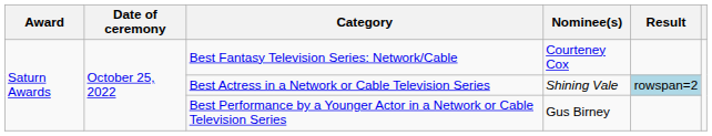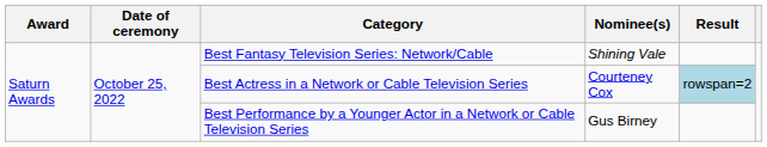 <table class="wikitable sortable">
 <tr>
 <th>Award</th>
 <th>Date of ceremony</th>
 <th>Category</th>
 <th>Nominee(s)</th>
 <th>Result</th>
 <th class="unsortable"></th>
 </tr>
 <tr>
 <td rowspan=3><a href='#'>Saturn Awards</a></td>
 <td rowspan=3><a href='#'>October 25, 2022</a></td>
 <td><a href='#'>Best Fantasy Television Series: Network/Cable</a></td>
-<td><a href='#'>Courteney Cox</a></td>
+<td><em>Shining Vale</em></td>
 <td></td>
 <td rowspan=3 style="text-align: center;"></td>
 </tr>
 <tr>
 <td><a href='#'>Best Actress in a Network or Cable Television Series</a></td>
-<td><em>Shining Vale</em></td>
+<td><a href='#'>Courteney Cox</a></td>
 <td style="background: lightblue;">rowspan=2 </td>
 </tr>
 <tr>
 <td><a href='#'>Best Performance by a Younger Actor in a Network or Cable Television Series</a></td>
 <td>Gus Birney</td>
 </tr>
 </table>
